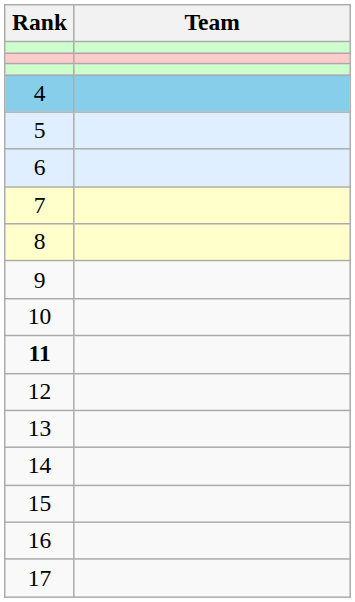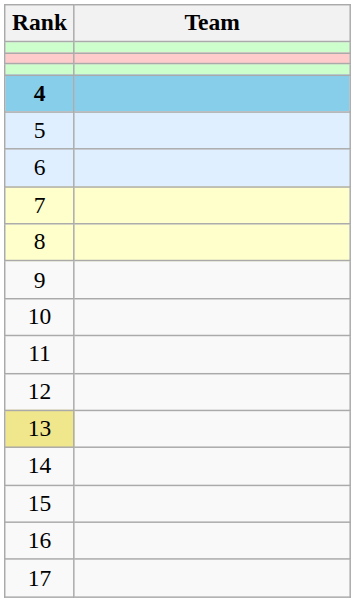 <table class="wikitable" style="text-align:center;">
 <tr>
 <th width=40>Rank</th>
 <th width=180>Team</th>
 </tr>
 <tr bgcolor=#ccffcc>
 <td></td>
 <td style="text-align:left;"></td>
 </tr>
 <tr bgcolor=#ffcccc>
 <td></td>
 <td style="text-align:left;"></td>
 </tr>
 <tr bgcolor=#ccffcc>
 <td></td>
 <td style="text-align:left;"></td>
 </tr>
 <tr bgcolor=#87ceeb>
-<td>4</td>
+<td><strong>4</strong></td>
 <td style="text-align:left;"></td>
 </tr>
 <tr bgcolor=#dfefff>
 <td>5</td>
 <td style="text-align:left;"></td>
 </tr>
 <tr bgcolor=#dfefff>
 <td>6</td>
 <td style="text-align:left;"></td>
 </tr>
 <tr bgcolor=#ffffcc>
 <td>7</td>
 <td style="text-align:left;"></td>
 </tr>
 <tr bgcolor=#ffffcc>
 <td>8</td>
 <td style="text-align:left;"></td>
 </tr>
 <tr>
 <td>9</td>
 <td style="text-align:left;"></td>
 </tr>
 <tr>
 <td>10</td>
 <td style="text-align:left;"></td>
 </tr>
 <tr>
-<td><strong>11</strong></td>
+<td>11</td>
 <td style="text-align:left;"></td>
 </tr>
 <tr>
 <td>12</td>
 <td style="text-align:left;"></td>
 </tr>
 <tr>
-<td>13</td>
+<td style="background: khaki;">13</td>
 <td style="text-align:left;"></td>
 </tr>
 <tr>
 <td>14</td>
 <td style="text-align:left;"></td>
 </tr>
 <tr>
 <td>15</td>
 <td style="text-align:left;"></td>
 </tr>
 <tr>
 <td>16</td>
 <td style="text-align:left;"></td>
 </tr>
 <tr>
 <td>17</td>
 <td style="text-align:left;"></td>
 </tr>
 </table>
